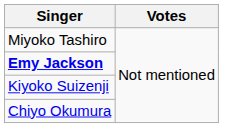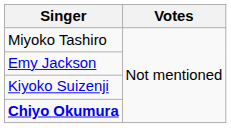 <table class="wikitable">
 <tr>
 <th>Singer</th>
 <th>Votes</th>
 </tr>
 <tr>
 <td>Miyoko Tashiro</td>
 <td rowspan=4>Not mentioned</td>
 </tr>
 <tr>
-<td><strong><a href='#'>Emy Jackson</a></strong></td>
+<td><a href='#'>Emy Jackson</a></td>
 </tr>
 <tr>
 <td><a href='#'>Kiyoko Suizenji</a></td>
 </tr>
 <tr>
-<td><a href='#'>Chiyo Okumura</a></td>
+<td><strong><a href='#'>Chiyo Okumura</a></strong></td>
 </tr>
 </table>
